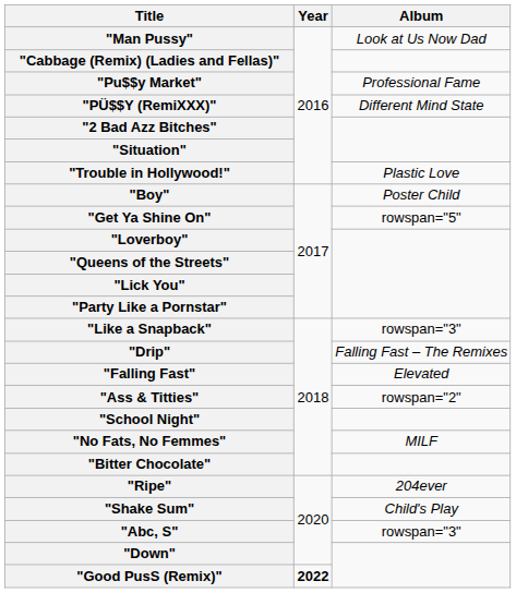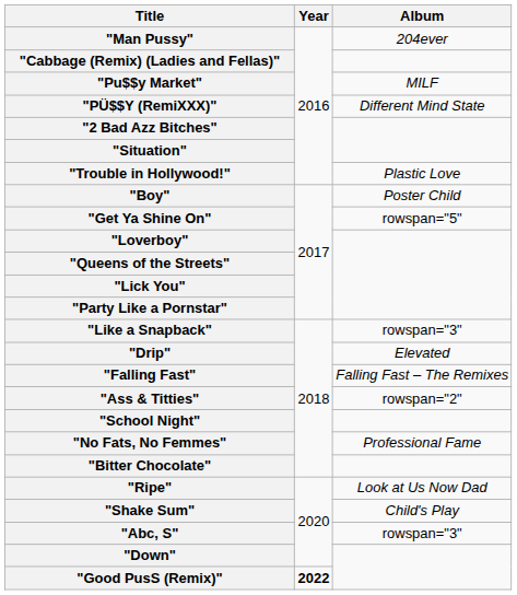 <table class="wikitable plainrowheaders" style="text-align:center;">
 <tr>
 <th scope="col" style="width:20em;">Title</th>
 <th scope="col">Year</th>
 <th scope="col">Album</th>
 </tr>
 <tr>
 <th scope="row">"Man Pussy"<br></th>
 <td rowspan="7">2016</td>
-<td><em>Look at Us Now Dad</em></td>
+<td><em>204ever</em></td>
 </tr>
 <tr>
 <th scope="row">"Cabbage (Remix) (Ladies and Fellas)"<br></th>
 <td></td>
 </tr>
 <tr>
 <th scope="row">"Pu$$y Market"<br></th>
-<td><em>Professional Fame</em></td>
+<td><em>MILF</em></td>
 </tr>
 <tr>
 <th scope="row">"PÜ$$Y (RemiXXX)"<br></th>
 <td><em>Different Mind State</em></td>
 </tr>
 <tr>
 <th scope="row">"2 Bad Azz Bitches"<br></th>
 </tr>
 <tr>
 <th scope="row">"Situation"<br></th>
 </tr>
 <tr>
 <th scope="row">"Trouble in Hollywood!"<br></th>
 <td><em>Plastic Love</em></td>
 </tr>
 <tr>
 <th scope="row">"Boy"<br></th>
 <td rowspan="6">2017</td>
 <td><em>Poster Child</em></td>
 </tr>
 <tr>
 <th scope="row">"Get Ya Shine On"<br></th>
 <td>rowspan="5" </td>
 </tr>
 <tr>
 <th scope="row">"Loverboy"<br></th>
 </tr>
 <tr>
 <th scope="row">"Queens of the Streets"<br></th>
 </tr>
 <tr>
 <th scope="row">"Lick You"<br></th>
 </tr>
 <tr>
 <th scope="row">"Party Like a Pornstar"<br></th>
 </tr>
 <tr>
 <th scope="row">"Like a Snapback"<br></th>
 <td rowspan="7">2018</td>
 <td>rowspan="3" </td>
 </tr>
 <tr>
 <th scope="row">"Drip"<br></th>
-<td><em>Falling Fast – The Remixes</em></td>
+<td><em>Elevated</em></td>
 </tr>
 <tr>
 <th scope="row">"Falling Fast"<br></th>
-<td><em>Elevated</em></td>
+<td><em>Falling Fast – The Remixes</em></td>
 </tr>
 <tr>
 <th scope="row">"Ass & Titties"<br></th>
 <td>rowspan="2" </td>
 </tr>
 <tr>
 <th scope="row">"School Night"<br></th>
 </tr>
 <tr>
 <th scope="row">"No Fats, No Femmes"<br></th>
-<td><em>MILF</em></td>
+<td><em>Professional Fame</em></td>
 </tr>
 <tr>
 <th scope="row">"Bitter Chocolate"<br></th>
 <td></td>
 </tr>
 <tr>
 <th scope="row">"Ripe"<br></th>
 <td rowspan="4">2020</td>
-<td><em>204ever</em></td>
+<td><em>Look at Us Now Dad</em></td>
 </tr>
 <tr>
 <th scope="row">"Shake Sum"<br></th>
 <td><em>Child's Play</em></td>
 </tr>
 <tr>
 <th scope="row">"Abc, S"<br></th>
 <td>rowspan="3" </td>
 </tr>
 <tr>
 <th scope="row">"Down"<br></th>
 </tr>
 <tr>
 <th scope="row">"Good PusS (Remix)"<br></th>
 <td><strong>2022</strong></td>
 </tr>
 </table>
